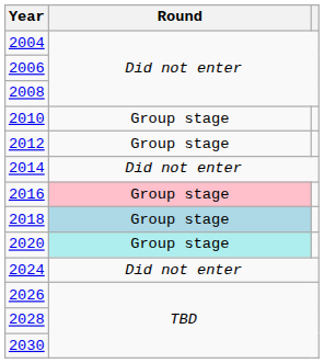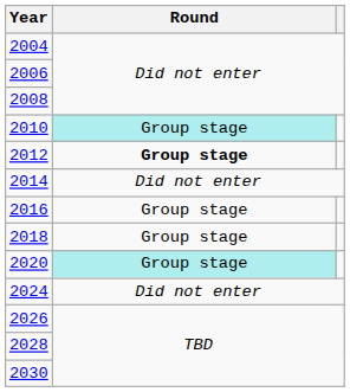 <table class="wikitable" style="text-align: center; font-size:90%">
 <tr>
 <th>Year</th>
 <th style="width:200px">Round</th>
 <th></th>
 </tr>
 <tr>
 <td><a href='#'>2004</a></td>
 <td colspan="2" rowspan="3"><em>Did not enter</em></td>
 </tr>
 <tr>
 <td><a href='#'>2006</a></td>
 </tr>
 <tr>
 <td><a href='#'>2008</a></td>
 </tr>
 <tr>
 <td><a href='#'>2010</a></td>
-<td>Group stage</td>
+<td style="background: paleturquoise;">Group stage</td>
 <td></td>
 </tr>
 <tr>
 <td><a href='#'>2012</a></td>
-<td>Group stage</td>
+<td><strong>Group stage</strong></td>
 <td></td>
 </tr>
 <tr>
 <td><a href='#'>2014</a></td>
 <td colspan="2"><em>Did not enter</em></td>
 </tr>
 <tr>
 <td><a href='#'>2016</a></td>
-<td style="background: pink;">Group stage</td>
+<td>Group stage</td>
 <td></td>
 </tr>
 <tr>
 <td><a href='#'>2018</a></td>
-<td style="background: lightblue;">Group stage</td>
+<td>Group stage</td>
 <td></td>
 </tr>
 <tr>
 <td><a href='#'>2020</a></td>
 <td style="background: paleturquoise;">Group stage</td>
 <td></td>
 </tr>
 <tr>
 <td><a href='#'>2024</a></td>
 <td colspan="2"><em>Did not enter</em></td>
 </tr>
 <tr>
 <td><a href='#'>2026</a></td>
 <td colspan="2" rowspan="3"><em>TBD</em></td>
 </tr>
 <tr>
 <td><a href='#'>2028</a></td>
 </tr>
 <tr>
 <td><a href='#'>2030</a></td>
 </tr>
 </table>
